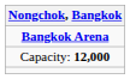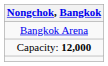 <table class="wikitable" style="text-align:center;">
 <tr>
 <th><a href='#'>Nongchok</a>, <a href='#'>Bangkok</a></th>
 </tr>
 <tr>
-<td><strong><a href='#'>Bangkok Arena</a></strong></td>
+<td><a href='#'>Bangkok Arena</a></td>
 </tr>
 <tr>
 <td>Capacity: <strong>12,000</strong></td>
 </tr>
 <tr>
 <td></td>
 </tr>
 </table>
